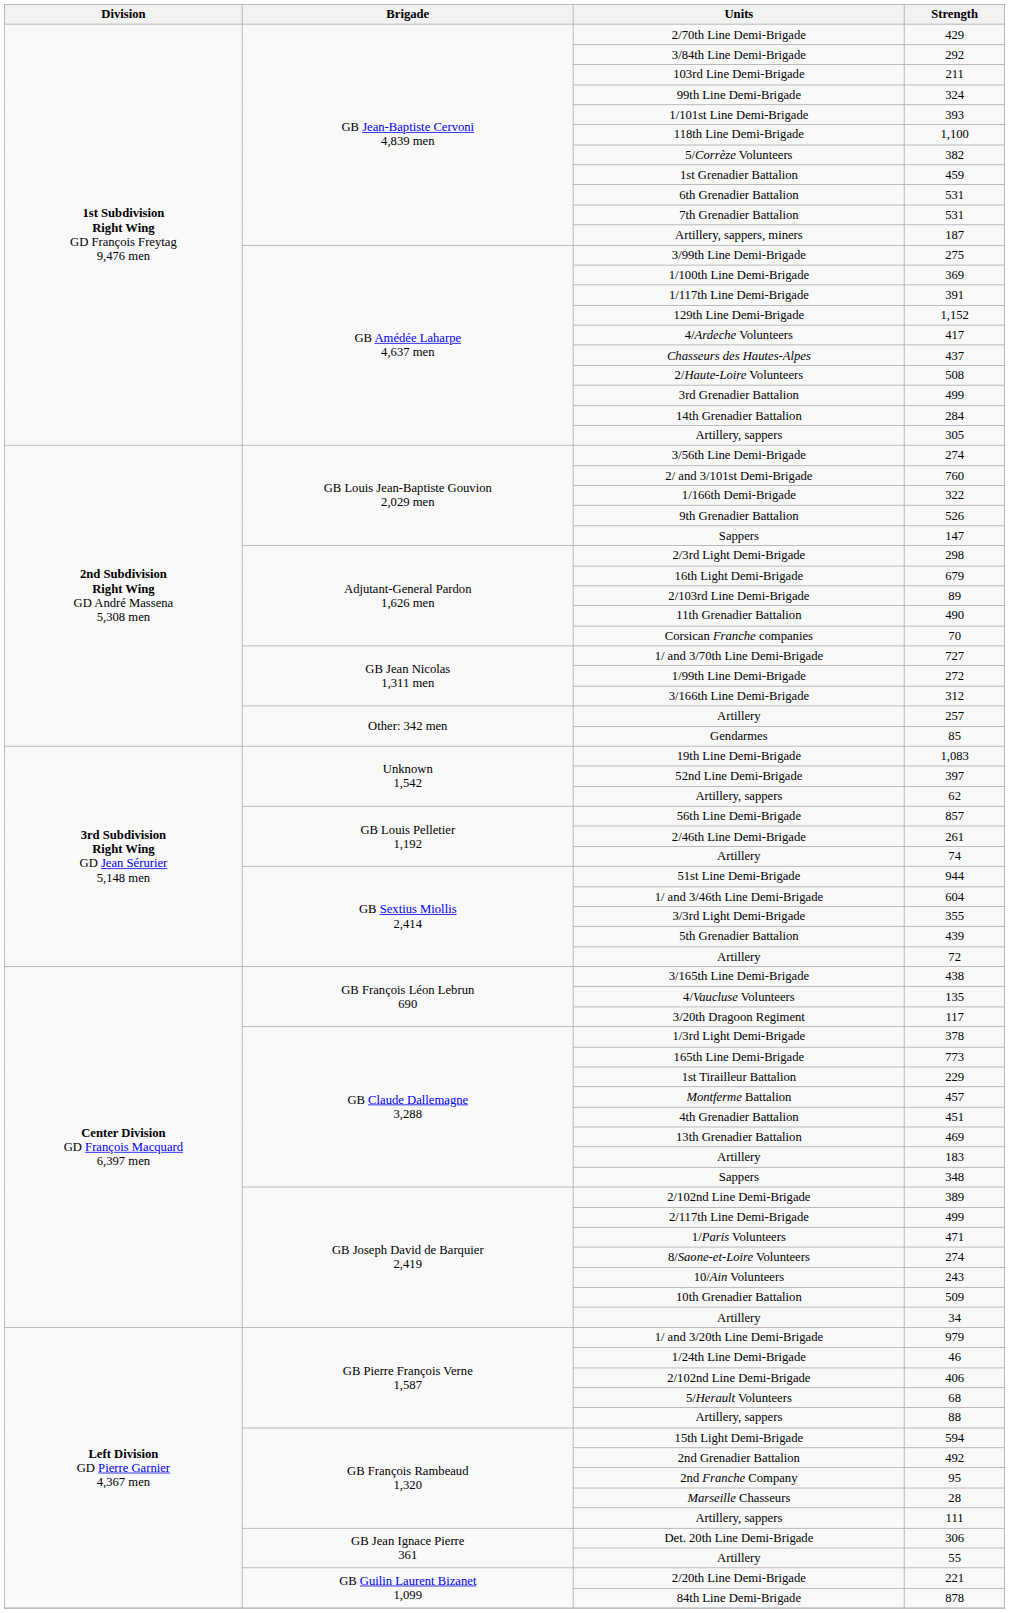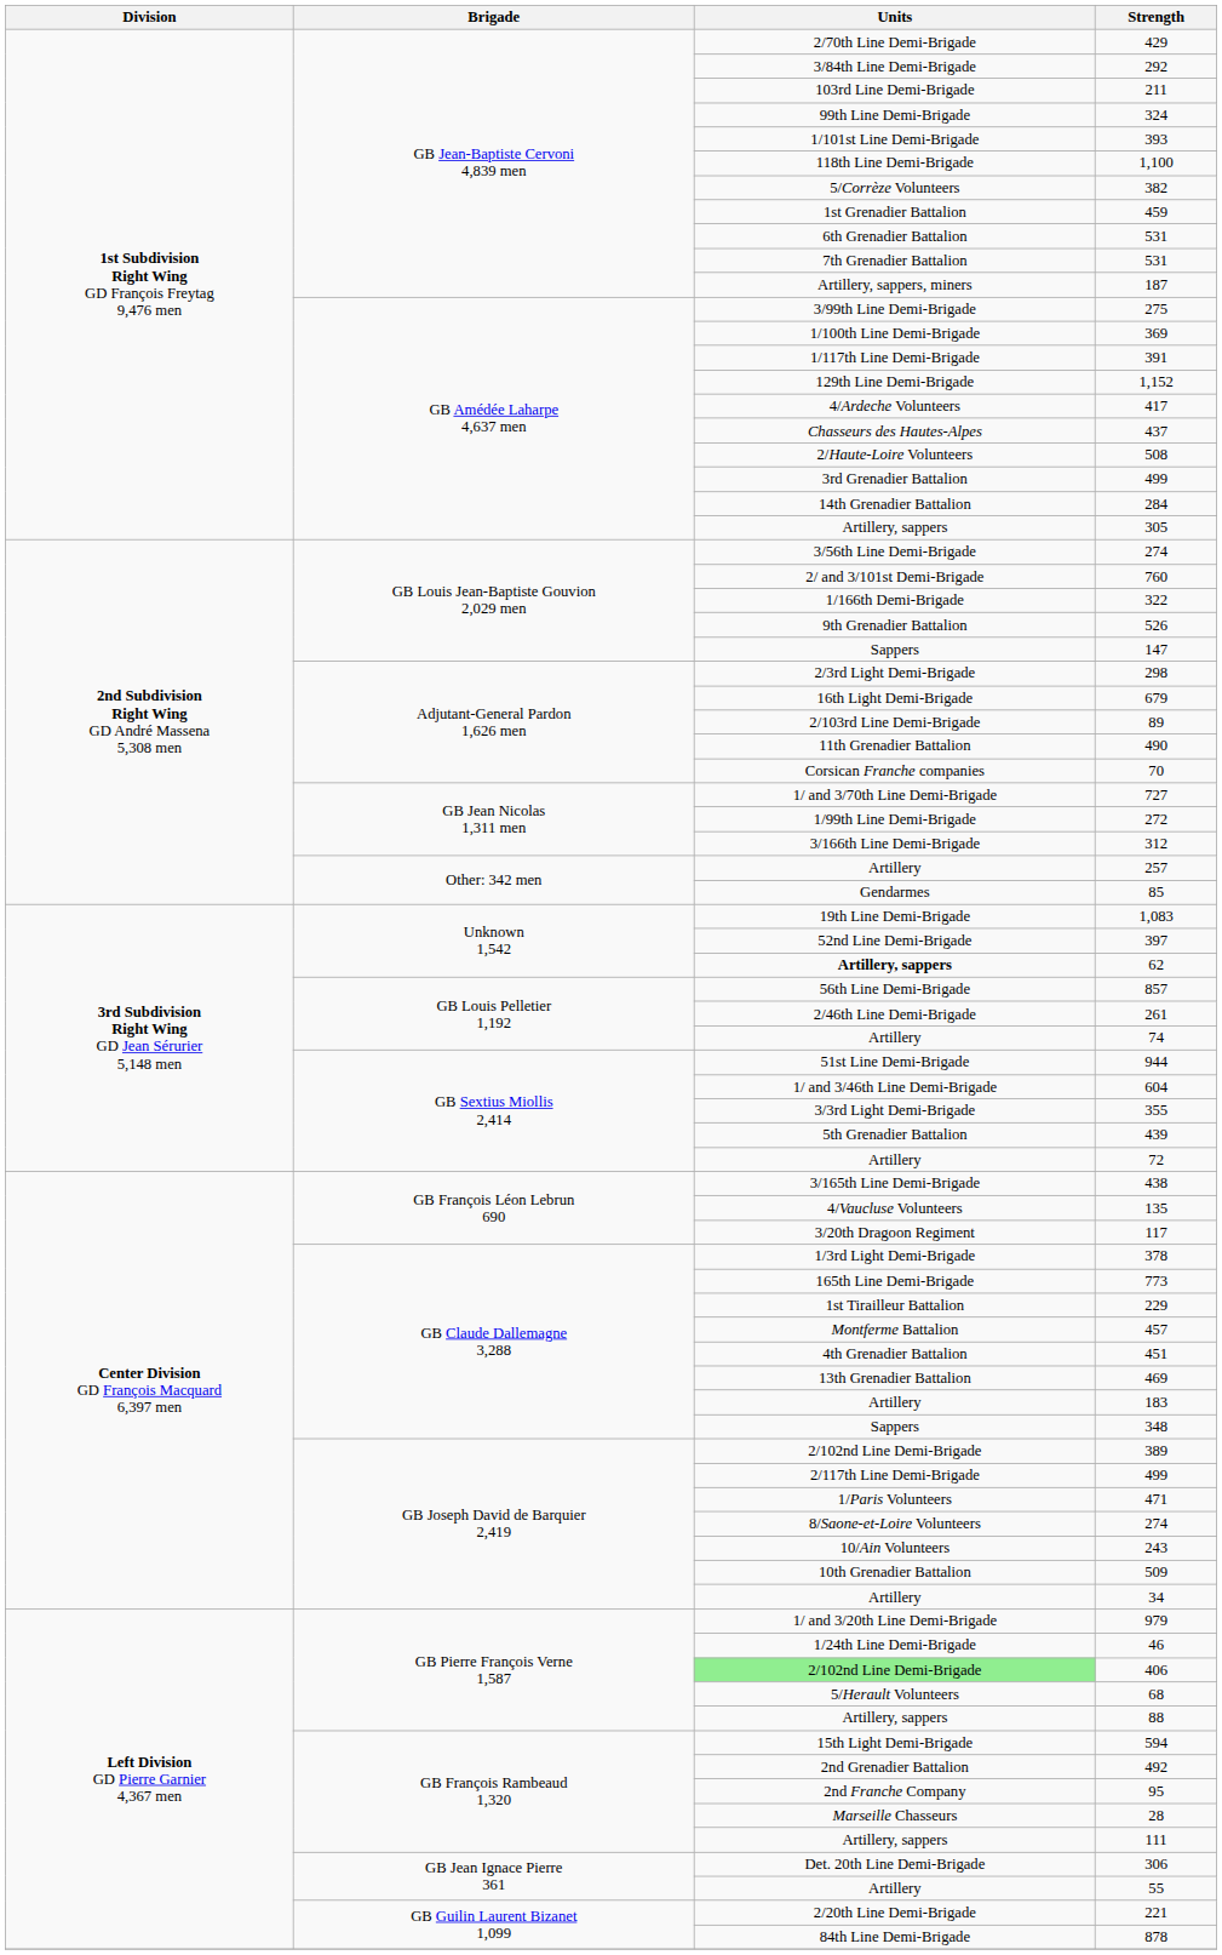 <table class="wikitable" style="text-align:center; width:80%;">
 <tr>
 <th>Division</th>
 <th>Brigade</th>
 <th>Units</th>
 <th>Strength</th>
 </tr>
 <tr>
 <td rowspan=21><strong>1st Subdivision</strong><br><strong>Right Wing</strong><br>GD François Freytag<br>9,476 men</td>
 <td rowspan=11>GB <a href='#'>Jean-Baptiste Cervoni</a><br>4,839 men</td>
 <td>2/70th Line Demi-Brigade</td>
 <td>429</td>
 </tr>
 <tr>
 <td>3/84th Line Demi-Brigade</td>
 <td>292</td>
 </tr>
 <tr>
 <td>103rd Line Demi-Brigade</td>
 <td>211</td>
 </tr>
 <tr>
 <td>99th Line Demi-Brigade</td>
 <td>324</td>
 </tr>
 <tr>
 <td>1/101st Line Demi-Brigade</td>
 <td>393</td>
 </tr>
 <tr>
 <td>118th Line Demi-Brigade</td>
 <td>1,100</td>
 </tr>
 <tr>
 <td>5/<em>Corrèze</em> Volunteers</td>
 <td>382</td>
 </tr>
 <tr>
 <td>1st Grenadier Battalion</td>
 <td>459</td>
 </tr>
 <tr>
 <td>6th Grenadier Battalion</td>
 <td>531</td>
 </tr>
 <tr>
 <td>7th Grenadier Battalion</td>
 <td>531</td>
 </tr>
 <tr>
 <td>Artillery, sappers, miners</td>
 <td>187</td>
 </tr>
 <tr>
 <td rowspan=10>GB <a href='#'>Amédée Laharpe</a><br>4,637 men</td>
 <td>3/99th Line Demi-Brigade</td>
 <td>275</td>
 </tr>
 <tr>
 <td>1/100th Line Demi-Brigade</td>
 <td>369</td>
 </tr>
 <tr>
 <td>1/117th Line Demi-Brigade</td>
 <td>391</td>
 </tr>
 <tr>
 <td>129th Line Demi-Brigade</td>
 <td>1,152</td>
 </tr>
 <tr>
 <td>4/<em>Ardeche</em> Volunteers</td>
 <td>417</td>
 </tr>
 <tr>
 <td><em>Chasseurs des Hautes-Alpes</em></td>
 <td>437</td>
 </tr>
 <tr>
 <td>2/<em>Haute-Loire</em> Volunteers</td>
 <td>508</td>
 </tr>
 <tr>
 <td>3rd Grenadier Battalion</td>
 <td>499</td>
 </tr>
 <tr>
 <td>14th Grenadier Battalion</td>
 <td>284</td>
 </tr>
 <tr>
 <td>Artillery, sappers</td>
 <td>305</td>
 </tr>
 <tr>
 <td rowspan=15><strong>2nd Subdivision</strong><br><strong>Right Wing</strong><br>GD André Massena<br>5,308 men</td>
 <td rowspan=5>GB Louis Jean-Baptiste Gouvion<br>2,029 men</td>
 <td>3/56th Line Demi-Brigade</td>
 <td>274</td>
 </tr>
 <tr>
 <td>2/ and 3/101st Demi-Brigade</td>
 <td>760</td>
 </tr>
 <tr>
 <td>1/166th Demi-Brigade</td>
 <td>322</td>
 </tr>
 <tr>
 <td>9th Grenadier Battalion</td>
 <td>526</td>
 </tr>
 <tr>
 <td>Sappers</td>
 <td>147</td>
 </tr>
 <tr>
 <td rowspan=5>Adjutant-General Pardon<br>1,626 men</td>
 <td>2/3rd Light Demi-Brigade</td>
 <td>298</td>
 </tr>
 <tr>
 <td>16th Light Demi-Brigade</td>
 <td>679</td>
 </tr>
 <tr>
 <td>2/103rd Line Demi-Brigade</td>
 <td>89</td>
 </tr>
 <tr>
 <td>11th Grenadier Battalion</td>
 <td>490</td>
 </tr>
 <tr>
 <td>Corsican <em>Franche</em> companies</td>
 <td>70</td>
 </tr>
 <tr>
 <td rowspan=3>GB Jean Nicolas<br>1,311 men</td>
 <td>1/ and 3/70th Line Demi-Brigade</td>
 <td>727</td>
 </tr>
 <tr>
 <td>1/99th Line Demi-Brigade</td>
 <td>272</td>
 </tr>
 <tr>
 <td>3/166th Line Demi-Brigade</td>
 <td>312</td>
 </tr>
 <tr>
 <td rowspan=2>Other: 342 men</td>
 <td>Artillery</td>
 <td>257</td>
 </tr>
 <tr>
 <td>Gendarmes</td>
 <td>85</td>
 </tr>
 <tr>
 <td rowspan=11><strong>3rd Subdivision</strong><br><strong>Right Wing</strong><br>GD <a href='#'>Jean Sérurier</a><br>5,148 men</td>
 <td rowspan=3>Unknown<br>1,542</td>
 <td>19th Line Demi-Brigade</td>
 <td>1,083</td>
 </tr>
 <tr>
 <td>52nd Line Demi-Brigade</td>
 <td>397</td>
 </tr>
 <tr>
-<td>Artillery, sappers</td>
+<td><strong>Artillery, sappers</strong></td>
 <td>62</td>
 </tr>
 <tr>
 <td rowspan=3>GB Louis Pelletier<br>1,192</td>
 <td>56th Line Demi-Brigade</td>
 <td>857</td>
 </tr>
 <tr>
 <td>2/46th Line Demi-Brigade</td>
 <td>261</td>
 </tr>
 <tr>
 <td>Artillery</td>
 <td>74</td>
 </tr>
 <tr>
 <td rowspan=5>GB <a href='#'>Sextius Miollis</a><br>2,414</td>
 <td>51st Line Demi-Brigade</td>
 <td>944</td>
 </tr>
 <tr>
 <td>1/ and 3/46th Line Demi-Brigade</td>
 <td>604</td>
 </tr>
 <tr>
 <td>3/3rd Light Demi-Brigade</td>
 <td>355</td>
 </tr>
 <tr>
 <td>5th Grenadier Battalion</td>
 <td>439</td>
 </tr>
 <tr>
 <td>Artillery</td>
 <td>72</td>
 </tr>
 <tr>
 <td rowspan=18><strong>Center Division</strong><br>GD <a href='#'>François Macquard</a><br>6,397 men</td>
 <td rowspan=3>GB François Léon Lebrun<br>690</td>
 <td>3/165th Line Demi-Brigade</td>
 <td>438</td>
 </tr>
 <tr>
 <td>4/<em>Vaucluse</em> Volunteers</td>
 <td>135</td>
 </tr>
 <tr>
 <td>3/20th Dragoon Regiment</td>
 <td>117</td>
 </tr>
 <tr>
 <td rowspan=8>GB <a href='#'>Claude Dallemagne</a><br>3,288</td>
 <td>1/3rd Light Demi-Brigade</td>
 <td>378</td>
 </tr>
 <tr>
 <td>165th Line Demi-Brigade</td>
 <td>773</td>
 </tr>
 <tr>
 <td>1st Tirailleur Battalion</td>
 <td>229</td>
 </tr>
 <tr>
 <td><em>Montferme</em> Battalion</td>
 <td>457</td>
 </tr>
 <tr>
 <td>4th Grenadier Battalion</td>
 <td>451</td>
 </tr>
 <tr>
 <td>13th Grenadier Battalion</td>
 <td>469</td>
 </tr>
 <tr>
 <td>Artillery</td>
 <td>183</td>
 </tr>
 <tr>
 <td>Sappers</td>
 <td>348</td>
 </tr>
 <tr>
 <td rowspan=7>GB Joseph David de Barquier<br>2,419</td>
 <td>2/102nd Line Demi-Brigade</td>
 <td>389</td>
 </tr>
 <tr>
 <td>2/117th Line Demi-Brigade</td>
 <td>499</td>
 </tr>
 <tr>
 <td>1/<em>Paris</em> Volunteers</td>
 <td>471</td>
 </tr>
 <tr>
 <td>8/<em>Saone-et-Loire</em> Volunteers</td>
 <td>274</td>
 </tr>
 <tr>
 <td>10/<em>Ain</em> Volunteers</td>
 <td>243</td>
 </tr>
 <tr>
 <td>10th Grenadier Battalion</td>
 <td>509</td>
 </tr>
 <tr>
 <td>Artillery</td>
 <td>34</td>
 </tr>
 <tr>
 <td rowspan=14><strong>Left Division</strong><br>GD <a href='#'>Pierre Garnier</a><br>4,367 men</td>
 <td rowspan=5>GB Pierre François Verne<br>1,587</td>
 <td>1/ and 3/20th Line Demi-Brigade</td>
 <td>979</td>
 </tr>
 <tr>
 <td>1/24th Line Demi-Brigade</td>
 <td>46</td>
 </tr>
 <tr>
-<td>2/102nd Line Demi-Brigade</td>
+<td style="background: lightgreen;">2/102nd Line Demi-Brigade</td>
 <td>406</td>
 </tr>
 <tr>
 <td>5/<em>Herault</em> Volunteers</td>
 <td>68</td>
 </tr>
 <tr>
 <td>Artillery, sappers</td>
 <td>88</td>
 </tr>
 <tr>
 <td rowspan=5>GB François Rambeaud<br>1,320</td>
 <td>15th Light Demi-Brigade</td>
 <td>594</td>
 </tr>
 <tr>
 <td>2nd Grenadier Battalion</td>
 <td>492</td>
 </tr>
 <tr>
 <td>2nd <em>Franche</em> Company</td>
 <td>95</td>
 </tr>
 <tr>
 <td><em>Marseille</em> Chasseurs</td>
 <td>28</td>
 </tr>
 <tr>
 <td>Artillery, sappers</td>
 <td>111</td>
 </tr>
 <tr>
 <td rowspan=2>GB Jean Ignace Pierre<br>361</td>
 <td>Det. 20th Line Demi-Brigade</td>
 <td>306</td>
 </tr>
 <tr>
 <td>Artillery</td>
 <td>55</td>
 </tr>
 <tr>
 <td rowspan=2>GB <a href='#'>Guilin Laurent Bizanet</a><br>1,099</td>
 <td>2/20th Line Demi-Brigade</td>
 <td>221</td>
 </tr>
 <tr>
 <td>84th Line Demi-Brigade</td>
 <td>878</td>
 </tr>
 <tr>
 </tr>
 </table>
